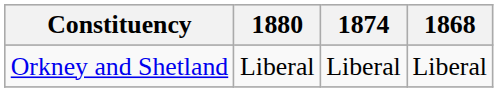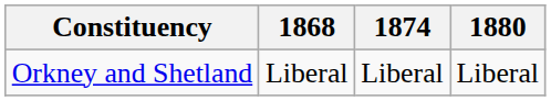 <table class="wikitable">
 <tr>
 <th>Constituency</th>
+<th>1868</th>
+<th>1874</th>
 <th>1880</th>
-<th>1874</th>
-<th>1868</th>
 </tr>
 <tr>
 <td><a href='#'>Orkney and Shetland</a></td>
 <td>Liberal</td>
 <td>Liberal</td>
 <td>Liberal</td>
 </tr>
 </table>
